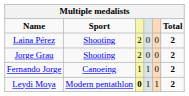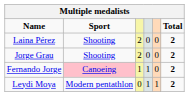 <table class=wikitable style="font-size:85%; float:right;text-align:center">
 <tr bgcolor=EFEFEF>
 <th colspan=7>Multiple medalists</th>
 </tr>
 <tr>
 <td><strong>Name</strong></td>
 <td><strong>Sport</strong></td>
 <td bgcolor=F7F6A8></td>
 <td bgcolor=DCE5E5></td>
 <td bgcolor=FFDAB9></td>
 <td><strong>Total</strong></td>
 </tr>
 <tr>
 <td><a href='#'>Laina Pérez</a></td>
 <td><a href='#'>Shooting</a></td>
 <td bgcolor=F7F6A8>2</td>
 <td bgcolor=DCE5E5>0</td>
 <td bgcolor=FFDAB9>0</td>
 <td><strong>2</strong></td>
 </tr>
 <tr>
 <td><a href='#'>Jorge Grau</a></td>
 <td><a href='#'>Shooting</a></td>
 <td bgcolor=F7F6A8>2</td>
 <td bgcolor=DCE5E5>0</td>
 <td bgcolor=FFDAB9>0</td>
 <td><strong>2</strong></td>
 </tr>
 <tr>
 <td><a href='#'>Fernando Jorge</a></td>
-<td><a href='#'>Canoeing</a></td>
+<td style="background: pink;"><a href='#'>Canoeing</a></td>
 <td bgcolor=F7F6A8>1</td>
 <td bgcolor=DCE5E5>1</td>
 <td bgcolor=FFDAB9>0</td>
 <td><strong>2</strong></td>
 </tr>
 <tr>
 <td><a href='#'>Leydi Moya</a></td>
 <td><a href='#'>Modern pentathlon</a></td>
-<td bgcolor=F7F6A8><strong>0</strong></td>
+<td bgcolor=F7F6A8>0</td>
 <td bgcolor=DCE5E5>1</td>
 <td bgcolor=FFDAB9>1</td>
 <td><strong>2</strong></td>
 </tr>
 </table>
